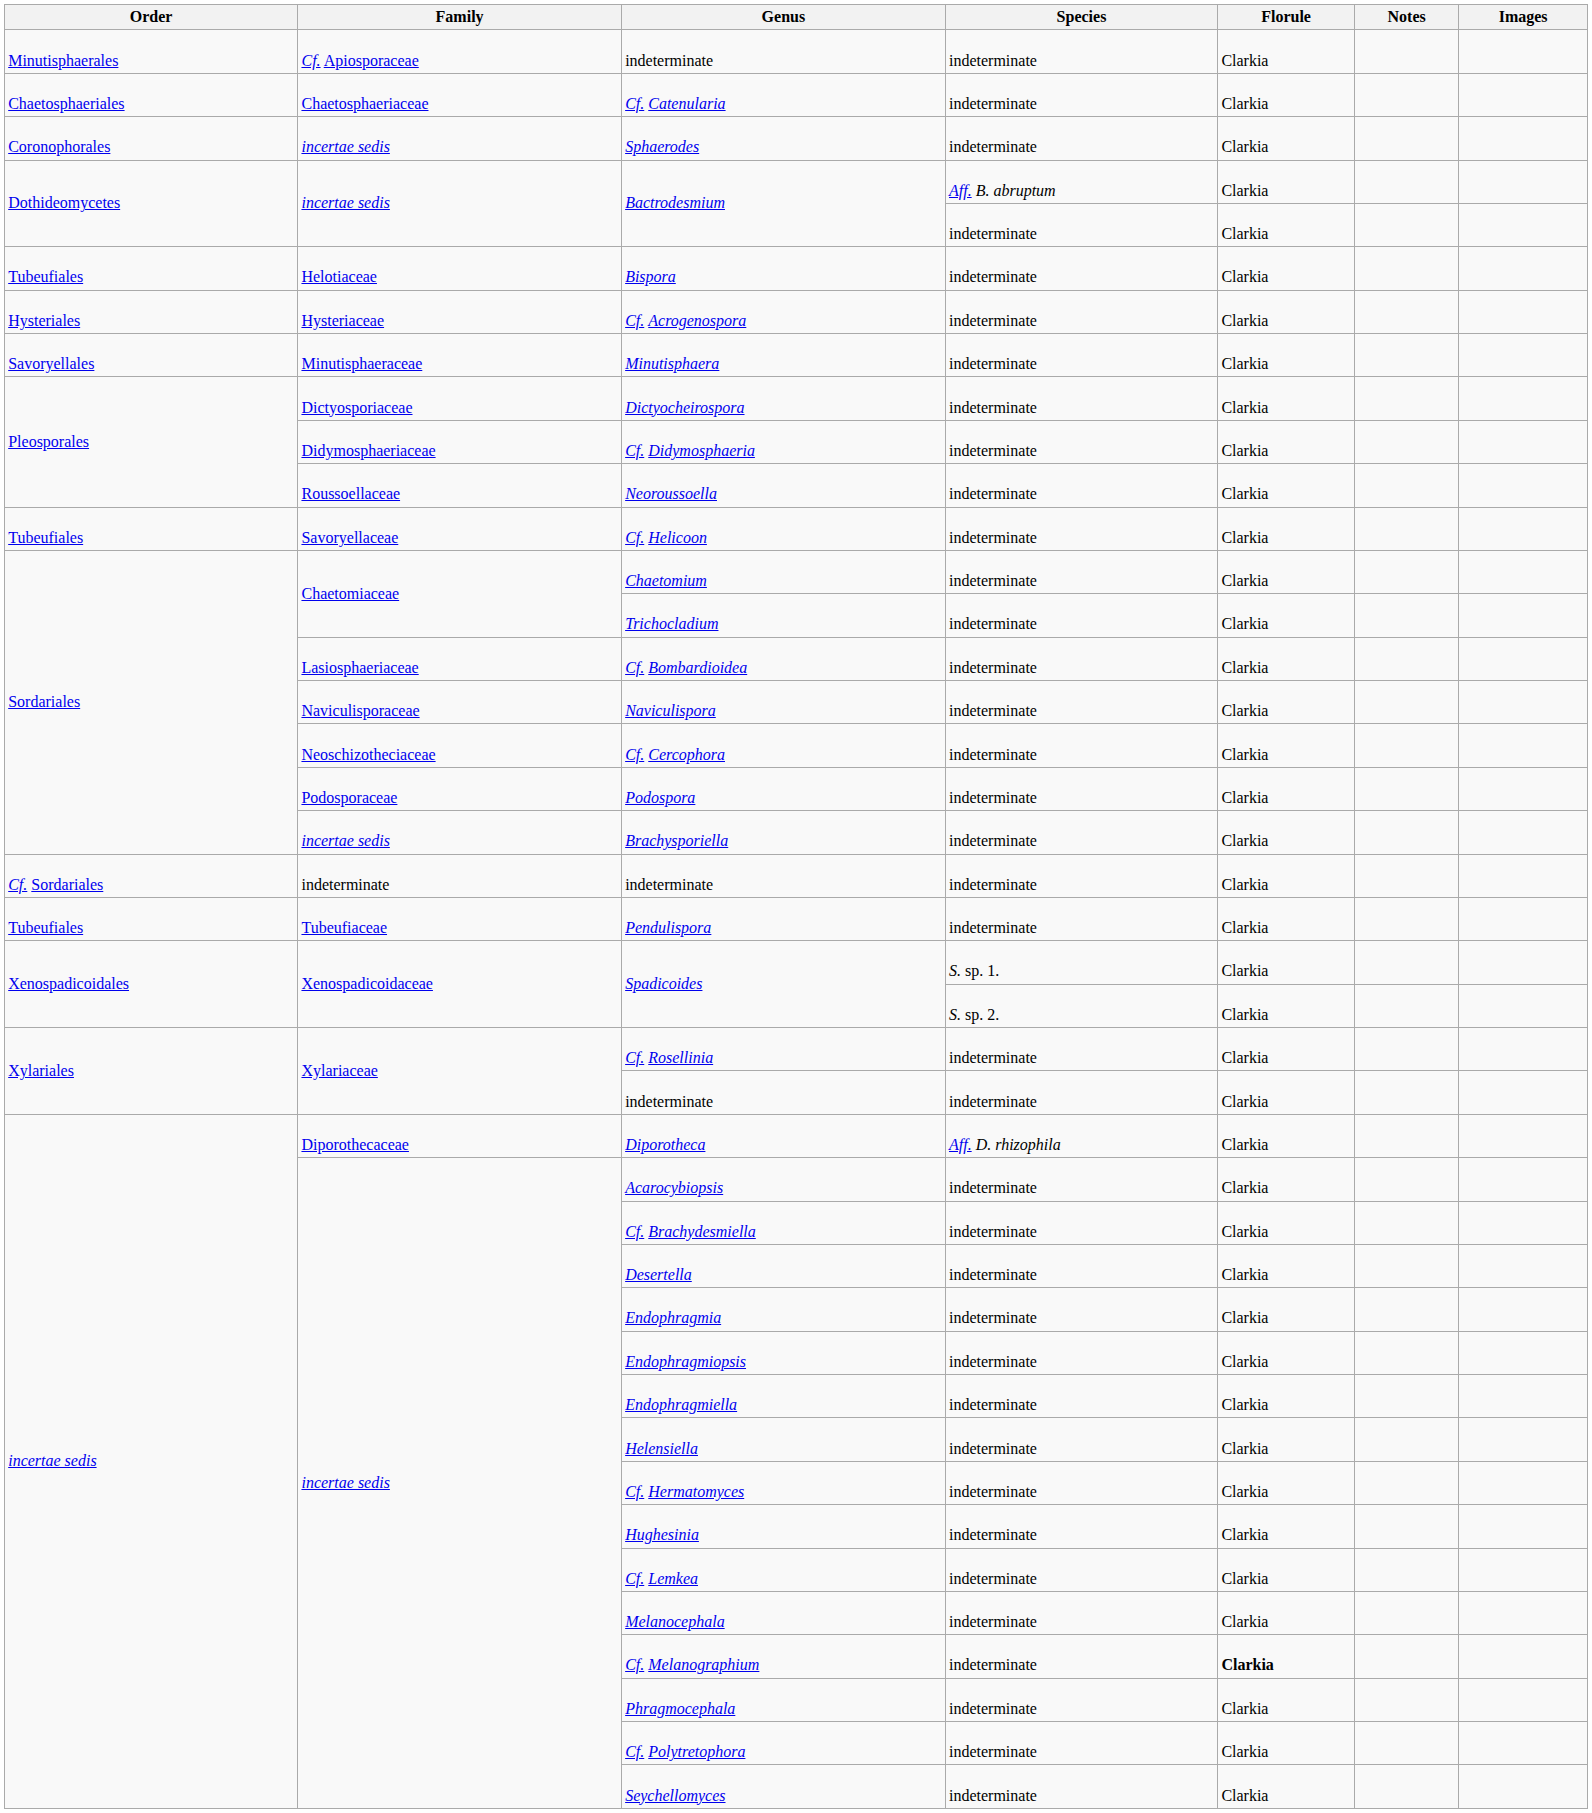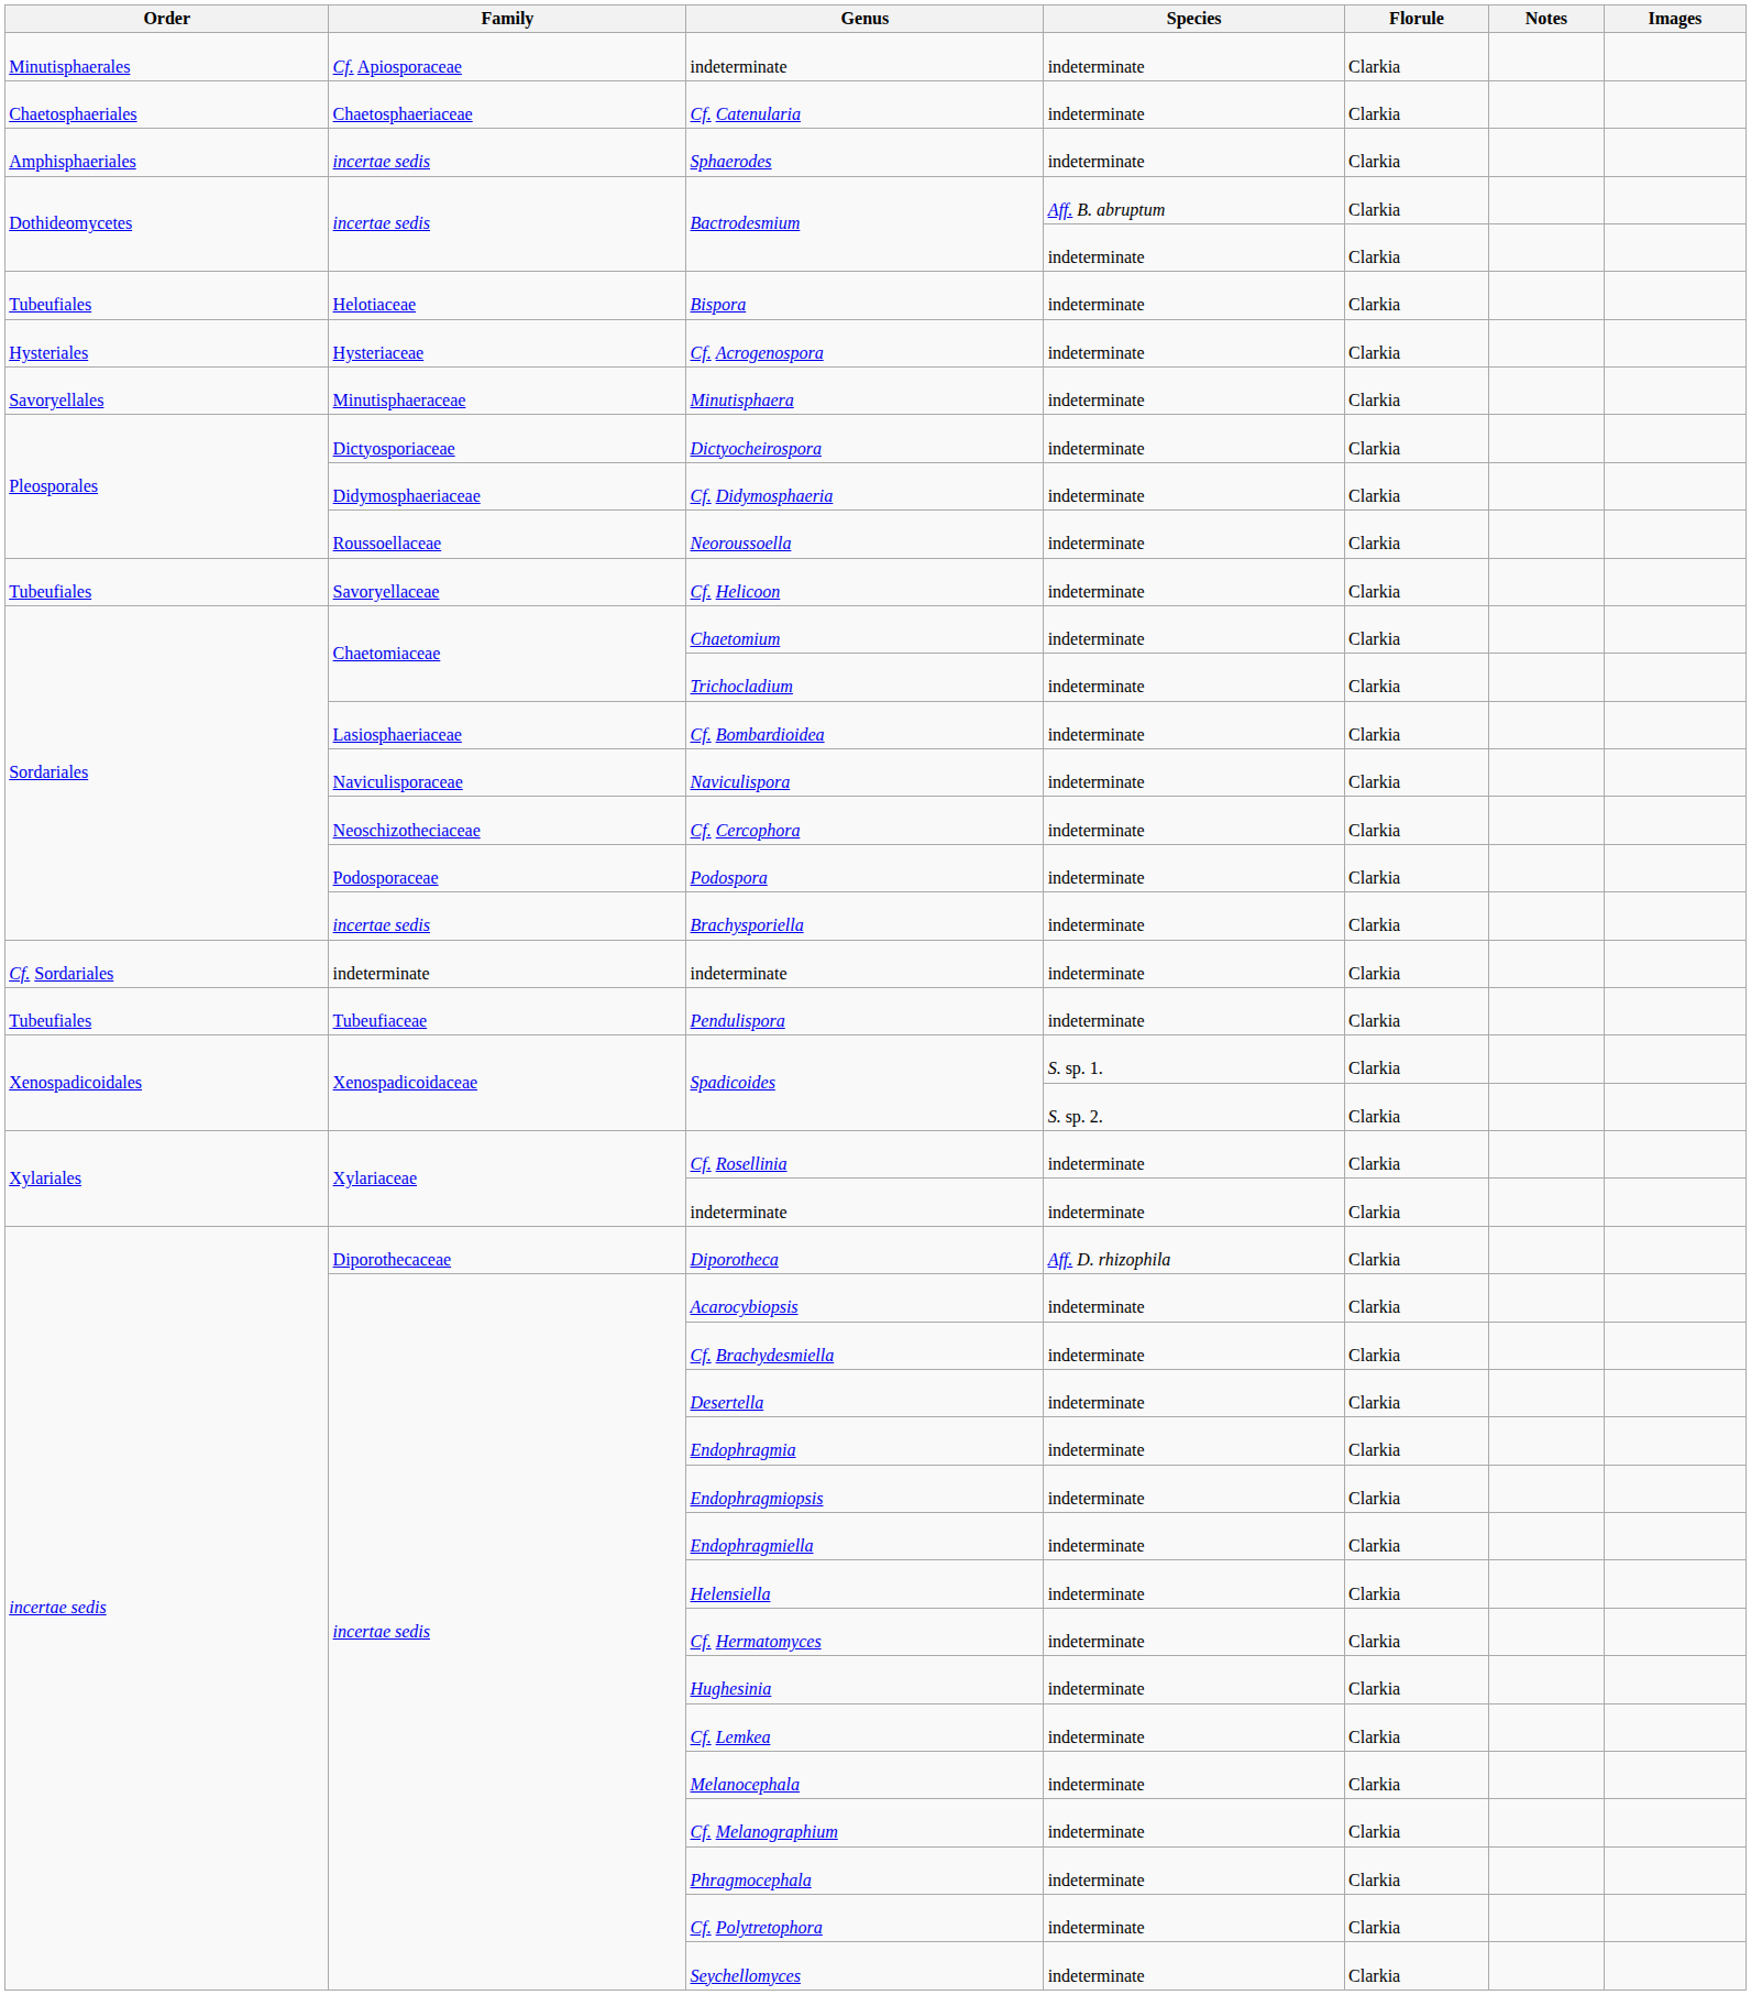 <table class="wikitable sortable mw-collapsible" style="margin:auto; width:100%">
 <tr>
 <th>Order</th>
 <th>Family</th>
 <th>Genus</th>
 <th>Species</th>
 <th>Florule</th>
 <th>Notes</th>
 <th>Images</th>
 </tr>
 <tr>
 <td><br><a href='#'>Minutisphaerales</a></td>
 <td><br><em><a href='#'>Cf.</a></em> <a href='#'>Apiosporaceae</a></td>
 <td><br>indeterminate</td>
 <td><br>indeterminate</td>
 <td><br>Clarkia</td>
 <td></td>
 <td><br></td>
 </tr>
 <tr>
 <td><br><a href='#'>Chaetosphaeriales</a></td>
 <td><br><a href='#'>Chaetosphaeriaceae</a></td>
 <td><br><em><a href='#'>Cf.</a></em> <em><a href='#'>Catenularia</a></em></td>
 <td><br>indeterminate</td>
 <td><br>Clarkia</td>
 <td></td>
 <td><br></td>
 </tr>
 <tr>
-<td><br><a href='#'>Coronophorales</a></td>
+<td><br><a href='#'>Amphisphaeriales</a></td>
 <td><br><em><a href='#'>incertae sedis</a></em></td>
 <td><br><em><a href='#'>Sphaerodes</a></em></td>
 <td><br>indeterminate</td>
 <td><br>Clarkia</td>
 <td></td>
 <td><br></td>
 </tr>
 <tr>
 <td rowspan=2><a href='#'>Dothideomycetes</a></td>
 <td rowspan=2><em><a href='#'>incertae sedis</a></em></td>
 <td rowspan=2><em><a href='#'>Bactrodesmium</a></em></td>
 <td><br><em><a href='#'>Aff.</a></em> <em>B. abruptum</em></td>
 <td><br>Clarkia</td>
 <td></td>
 <td><br></td>
 </tr>
 <tr>
 <td><br>indeterminate</td>
 <td><br>Clarkia</td>
 <td></td>
 <td><br></td>
 </tr>
 <tr>
 <td><br><a href='#'>Tubeufiales</a></td>
 <td><br><a href='#'>Helotiaceae</a></td>
 <td><br><em><a href='#'>Bispora</a></em></td>
 <td><br>indeterminate</td>
 <td><br>Clarkia</td>
 <td></td>
 <td><br></td>
 </tr>
 <tr>
 <td><br><a href='#'>Hysteriales</a></td>
 <td><br><a href='#'>Hysteriaceae</a></td>
 <td><br><em><a href='#'>Cf.</a></em> <em><a href='#'>Acrogenospora</a></em></td>
 <td><br>indeterminate</td>
 <td><br>Clarkia</td>
 <td></td>
 <td><br></td>
 </tr>
 <tr>
 <td><br><a href='#'>Savoryellales</a></td>
 <td><br><a href='#'>Minutisphaeraceae</a></td>
 <td><br><em><a href='#'>Minutisphaera</a></em></td>
 <td><br>indeterminate</td>
 <td><br>Clarkia</td>
 <td></td>
 <td><br></td>
 </tr>
 <tr>
 <td rowspan=3><a href='#'>Pleosporales</a></td>
 <td><br><a href='#'>Dictyosporiaceae</a></td>
 <td><br><em><a href='#'>Dictyocheirospora</a></em></td>
 <td><br>indeterminate</td>
 <td><br>Clarkia</td>
 <td></td>
 <td><br></td>
 </tr>
 <tr>
 <td><br><a href='#'>Didymosphaeriaceae</a></td>
 <td><br><em><a href='#'>Cf.</a></em> <em><a href='#'>Didymosphaeria</a></em></td>
 <td><br>indeterminate</td>
 <td><br>Clarkia</td>
 <td></td>
 <td><br></td>
 </tr>
 <tr>
 <td><br><a href='#'>Roussoellaceae</a></td>
 <td><br><em><a href='#'>Neoroussoella</a></em></td>
 <td><br>indeterminate</td>
 <td><br>Clarkia</td>
 <td></td>
 <td><br></td>
 </tr>
 <tr>
 <td><br><a href='#'>Tubeufiales</a></td>
 <td><br><a href='#'>Savoryellaceae</a></td>
 <td><br><em><a href='#'>Cf.</a></em> <em><a href='#'>Helicoon</a></em></td>
 <td><br>indeterminate</td>
 <td><br>Clarkia</td>
 <td></td>
 <td><br></td>
 </tr>
 <tr>
 <td rowspan=7><a href='#'>Sordariales</a></td>
 <td rowspan=2><a href='#'>Chaetomiaceae</a></td>
 <td><br><em><a href='#'>Chaetomium</a></em></td>
 <td><br>indeterminate</td>
 <td><br>Clarkia</td>
 <td></td>
 <td><br></td>
 </tr>
 <tr>
 <td><br><em><a href='#'>Trichocladium</a></em></td>
 <td><br>indeterminate</td>
 <td><br>Clarkia</td>
 <td></td>
 <td><br></td>
 </tr>
 <tr>
 <td><br><a href='#'>Lasiosphaeriaceae</a></td>
 <td><br><em><a href='#'>Cf.</a></em> <em><a href='#'>Bombardioidea</a></em></td>
 <td><br>indeterminate</td>
 <td><br>Clarkia</td>
 <td></td>
 <td><br></td>
 </tr>
 <tr>
 <td><br><a href='#'>Naviculisporaceae</a></td>
 <td><br><em><a href='#'>Naviculispora</a></em></td>
 <td><br>indeterminate</td>
 <td><br>Clarkia</td>
 <td></td>
 <td><br></td>
 </tr>
 <tr>
 <td><br><a href='#'>Neoschizotheciaceae</a></td>
 <td><br><em><a href='#'>Cf.</a></em> <em><a href='#'>Cercophora</a></em></td>
 <td><br>indeterminate</td>
 <td><br>Clarkia</td>
 <td></td>
 <td><br></td>
 </tr>
 <tr>
 <td><br><a href='#'>Podosporaceae</a></td>
 <td><br><em><a href='#'>Podospora</a></em></td>
 <td><br>indeterminate</td>
 <td><br>Clarkia</td>
 <td></td>
 <td><br></td>
 </tr>
 <tr>
 <td><br><em><a href='#'>incertae sedis</a></em></td>
 <td><br><em><a href='#'>Brachysporiella</a></em></td>
 <td><br>indeterminate</td>
 <td><br>Clarkia</td>
 <td></td>
 <td><br></td>
 </tr>
 <tr>
 <td><br><em><a href='#'>Cf.</a></em> <a href='#'>Sordariales</a></td>
 <td><br>indeterminate</td>
 <td><br>indeterminate</td>
 <td><br>indeterminate</td>
 <td><br>Clarkia</td>
 <td></td>
 <td><br></td>
 </tr>
 <tr>
 <td><br><a href='#'>Tubeufiales</a></td>
 <td><br><a href='#'>Tubeufiaceae</a></td>
 <td><br><em><a href='#'>Pendulispora</a></em></td>
 <td><br>indeterminate</td>
 <td><br>Clarkia</td>
 <td></td>
 <td><br></td>
 </tr>
 <tr>
 <td rowspan=2><a href='#'>Xenospadicoidales</a></td>
 <td rowspan=2><a href='#'>Xenospadicoidaceae</a></td>
 <td rowspan=2><em><a href='#'>Spadicoides</a></em></td>
 <td><br><em>S.</em> sp. 1.</td>
 <td><br>Clarkia</td>
 <td></td>
 <td><br></td>
 </tr>
 <tr>
 <td><br><em>S.</em> sp. 2.</td>
 <td><br>Clarkia</td>
 <td></td>
 <td><br></td>
 </tr>
 <tr>
 <td rowspan=2><a href='#'>Xylariales</a></td>
 <td rowspan=2><a href='#'>Xylariaceae</a></td>
 <td><br><em><a href='#'>Cf.</a></em> <em><a href='#'>Rosellinia</a></em></td>
 <td><br>indeterminate</td>
 <td><br>Clarkia</td>
 <td></td>
 <td><br></td>
 </tr>
 <tr>
 <td><br>indeterminate</td>
 <td><br>indeterminate</td>
 <td><br>Clarkia</td>
 <td></td>
 <td><br></td>
 </tr>
 <tr>
 <td rowspan=16><em><a href='#'>incertae sedis</a></em></td>
 <td><br><a href='#'>Diporothecaceae</a></td>
 <td><br><em><a href='#'>Diporotheca</a></em></td>
 <td><br><em><a href='#'>Aff.</a></em> <em>D. rhizophila</em></td>
 <td><br>Clarkia</td>
 <td></td>
 <td><br></td>
 </tr>
 <tr>
 <td rowspan=15><em><a href='#'>incertae sedis</a></em></td>
 <td><br><em><a href='#'>Acarocybiopsis</a></em></td>
 <td><br>indeterminate</td>
 <td><br>Clarkia</td>
 <td></td>
 <td><br></td>
 </tr>
 <tr>
 <td><br><em><a href='#'>Cf.</a></em> <em><a href='#'>Brachydesmiella</a></em></td>
 <td><br>indeterminate</td>
 <td><br>Clarkia</td>
 <td></td>
 <td><br></td>
 </tr>
 <tr>
 <td><br><em><a href='#'>Desertella</a></em></td>
 <td><br>indeterminate</td>
 <td><br>Clarkia</td>
 <td></td>
 <td><br></td>
 </tr>
 <tr>
 <td><br><em><a href='#'>Endophragmia</a></em></td>
 <td><br>indeterminate</td>
 <td><br>Clarkia</td>
 <td></td>
 <td><br></td>
 </tr>
 <tr>
 <td><br><em><a href='#'>Endophragmiopsis</a></em></td>
 <td><br>indeterminate</td>
 <td><br>Clarkia</td>
 <td></td>
 <td><br></td>
 </tr>
 <tr>
 <td><br><em><a href='#'>Endophragmiella</a></em></td>
 <td><br>indeterminate</td>
 <td><br>Clarkia</td>
 <td></td>
 <td><br></td>
 </tr>
 <tr>
 <td><br><em><a href='#'>Helensiella</a></em></td>
 <td><br>indeterminate</td>
 <td><br>Clarkia</td>
 <td></td>
 <td><br></td>
 </tr>
 <tr>
 <td><br><em><a href='#'>Cf.</a></em> <em><a href='#'>Hermatomyces</a></em></td>
 <td><br>indeterminate</td>
 <td><br>Clarkia</td>
 <td></td>
 <td><br></td>
 </tr>
 <tr>
 <td><br><em><a href='#'>Hughesinia</a></em></td>
 <td><br>indeterminate</td>
 <td><br>Clarkia</td>
 <td></td>
 <td><br></td>
 </tr>
 <tr>
 <td><br><em><a href='#'>Cf.</a></em> <em><a href='#'>Lemkea</a></em></td>
 <td><br>indeterminate</td>
 <td><br>Clarkia</td>
 <td></td>
 <td><br></td>
 </tr>
 <tr>
 <td><br><em><a href='#'>Melanocephala</a></em></td>
 <td><br>indeterminate</td>
 <td><br>Clarkia</td>
 <td></td>
 <td><br></td>
 </tr>
 <tr>
 <td><br><em><a href='#'>Cf.</a></em> <em><a href='#'>Melanographium</a></em></td>
 <td><br>indeterminate</td>
-<td><strong><br>Clarkia</strong></td>
+<td><br>Clarkia</td>
 <td></td>
 <td><br></td>
 </tr>
 <tr>
 <td><br><em><a href='#'>Phragmocephala</a></em></td>
 <td><br>indeterminate</td>
 <td><br>Clarkia</td>
 <td></td>
 <td><br></td>
 </tr>
 <tr>
 <td><br><em><a href='#'>Cf.</a></em> <em><a href='#'>Polytretophora</a></em></td>
 <td><br>indeterminate</td>
 <td><br>Clarkia</td>
 <td></td>
 <td><br></td>
 </tr>
 <tr>
 <td><br><em><a href='#'>Seychellomyces</a></em></td>
 <td><br>indeterminate</td>
 <td><br>Clarkia</td>
 <td></td>
 <td><br></td>
 </tr>
 <tr>
 </tr>
 </table>
